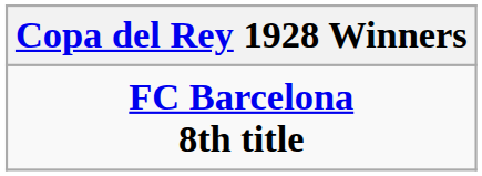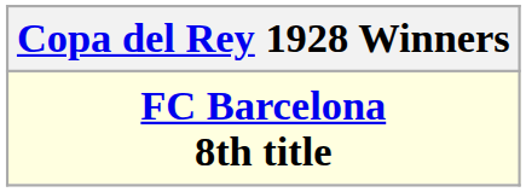 <table class="wikitable" style="text-align: center; margin: 0 auto;">
 <tr>
 <th><a href='#'>Copa del Rey</a> 1928 Winners</th>
 </tr>
 <tr>
-<td><strong><a href='#'>FC Barcelona</a></strong><br><strong>8th title</strong></td>
+<td style="background: lightyellow;"><strong><a href='#'>FC Barcelona</a></strong><br><strong>8th title</strong></td>
 </tr>
 </table>
